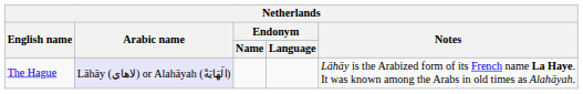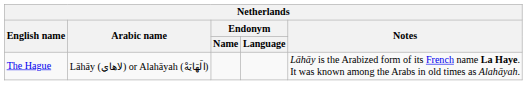 <table class="wikitable sortable">
 <tr>
 <th colspan="5">Netherlands</th>
 </tr>
 <tr>
 <th rowspan="2">English name</th>
 <th rowspan="2">Arabic name</th>
 <th colspan="2">Endonym</th>
 <th rowspan="2">Notes</th>
 </tr>
 <tr>
 <th>Name</th>
 <th>Language</th>
 </tr>
 <tr>
 <td><a href='#'>The Hague</a></td>
-<td style="background: lavender;">Lāhāy (لاهاي) or Alahāyah (الَهَايَهْ)</td>
+<td>Lāhāy (لاهاي) or Alahāyah (الَهَايَهْ)</td>
 <td></td>
 <td></td>
 <td><em>Lāhāy</em> is the Arabized form of its <a href='#'>French</a> name <strong>La Haye</strong>.<br>It was known among the Arabs in old times as <em>Alahāyah</em>.</td>
 </tr>
 </table>
